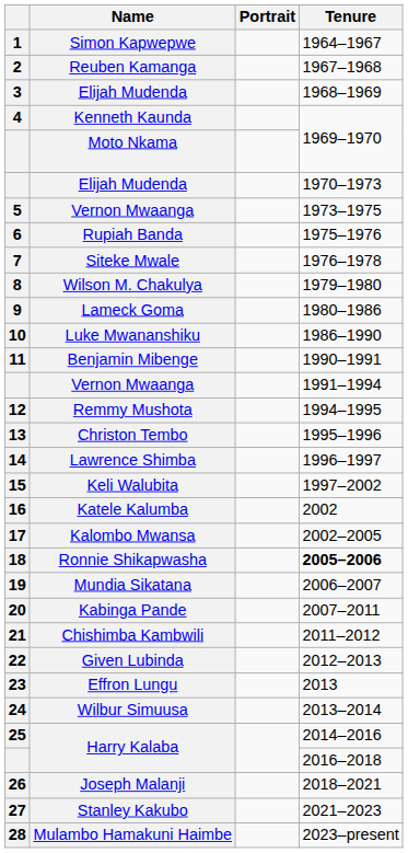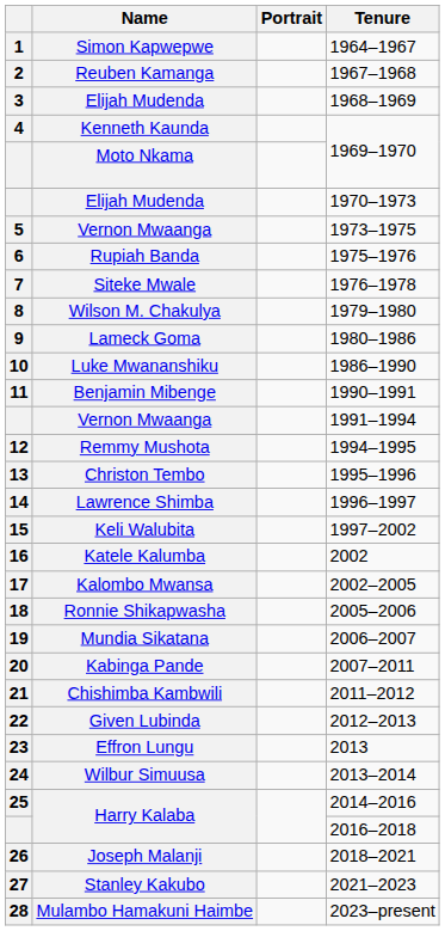 <table class="wikitable">
 <tr>
 <th></th>
 <th>Name<br></th>
 <th>Portrait</th>
 <th>Tenure</th>
 </tr>
 <tr>
 <th>1</th>
 <th align="center" scope="row" style="font-weight:normal;"><a href='#'>Simon Kapwepwe</a><br></th>
 <td></td>
 <td>1964–1967</td>
 </tr>
 <tr>
 <th>2</th>
 <th align="center" scope="row" style="font-weight:normal;"><a href='#'>Reuben Kamanga</a><br></th>
 <td></td>
 <td>1967–1968</td>
 </tr>
 <tr>
 <th>3</th>
 <th align="center" scope="row" style="font-weight:normal;"><a href='#'>Elijah Mudenda</a><br></th>
 <td></td>
 <td>1968–1969</td>
 </tr>
 <tr>
 <th>4</th>
 <th align="center" scope="row" style="font-weight:normal;"><a href='#'>Kenneth Kaunda</a><br></th>
 <td></td>
 <td rowspan="2">1969–1970</td>
 </tr>
 <tr>
 <th></th>
 <th align="center" scope="row" style="font-weight:normal;"><a href='#'>Moto Nkama</a><br><br></th>
 <td></td>
 </tr>
 <tr>
 <th></th>
 <th align="center" scope="row" style="font-weight:normal;"><a href='#'>Elijah Mudenda</a><br></th>
 <td></td>
 <td>1970–1973</td>
 </tr>
 <tr>
 <th>5</th>
 <th align="center" scope="row" style="font-weight:normal;"><a href='#'>Vernon Mwaanga</a><br></th>
 <td></td>
 <td>1973–1975</td>
 </tr>
 <tr>
 <th>6</th>
 <th align="center" scope="row" style="font-weight:normal;"><a href='#'>Rupiah Banda</a><br></th>
 <td></td>
 <td>1975–1976</td>
 </tr>
 <tr>
 <th>7</th>
 <th align="center" scope="row" style="font-weight:normal;"><a href='#'>Siteke Mwale</a><br></th>
 <td></td>
 <td>1976–1978</td>
 </tr>
 <tr>
 <th>8</th>
 <th align="center" scope="row" style="font-weight:normal;"><a href='#'>Wilson M. Chakulya</a></th>
 <td></td>
 <td>1979–1980</td>
 </tr>
 <tr>
 <th>9</th>
 <th align="center" scope="row" style="font-weight:normal;"><a href='#'>Lameck Goma</a><br></th>
 <td></td>
 <td>1980–1986</td>
 </tr>
 <tr>
 <th>10</th>
 <th align="center" scope="row" style="font-weight:normal;"><a href='#'>Luke Mwananshiku</a><br></th>
 <td></td>
 <td>1986–1990</td>
 </tr>
 <tr>
 <th>11</th>
 <th align="center" scope="row" style="font-weight:normal;"><a href='#'>Benjamin Mibenge</a><br></th>
 <td></td>
 <td>1990–1991</td>
 </tr>
 <tr>
 <th></th>
 <th align="center" scope="row" style="font-weight:normal;"><a href='#'>Vernon Mwaanga</a><br></th>
 <td></td>
 <td>1991–1994</td>
 </tr>
 <tr>
 <th>12</th>
 <th align="center" scope="row" style="font-weight:normal;"><a href='#'>Remmy Mushota</a><br></th>
 <td></td>
 <td>1994–1995</td>
 </tr>
 <tr>
 <th>13</th>
 <th align="center" scope="row" style="font-weight:normal;"><a href='#'>Christon Tembo</a><br></th>
 <td></td>
 <td>1995–1996</td>
 </tr>
 <tr>
 <th>14</th>
 <th align="center" scope="row" style="font-weight:normal;"><a href='#'>Lawrence Shimba</a><br></th>
 <td></td>
 <td>1996–1997</td>
 </tr>
 <tr>
 <th>15</th>
 <th align="center" scope="row" style="font-weight:normal;"><a href='#'>Keli Walubita</a><br></th>
 <td></td>
 <td>1997–2002</td>
 </tr>
 <tr>
 <th>16</th>
 <th align="center" scope="row" style="font-weight:normal;"><a href='#'>Katele Kalumba</a><br></th>
 <td></td>
 <td>2002</td>
 </tr>
 <tr>
 <th>17</th>
 <th align="center" scope="row" style="font-weight:normal;"><a href='#'>Kalombo Mwansa</a><br></th>
 <td></td>
 <td>2002–2005</td>
 </tr>
 <tr>
 <th>18</th>
 <th align="center" scope="row" style="font-weight:normal;"><a href='#'>Ronnie Shikapwasha</a><br></th>
 <td></td>
-<td><strong>2005–2006</strong></td>
+<td>2005–2006</td>
 </tr>
 <tr>
 <th>19</th>
 <th align="center" scope="row" style="font-weight:normal;"><a href='#'>Mundia Sikatana</a><br></th>
 <td></td>
 <td>2006–2007</td>
 </tr>
 <tr>
 <th>20</th>
 <th align="center" scope="row" style="font-weight:normal;"><a href='#'>Kabinga Pande</a><br></th>
 <td></td>
 <td>2007–2011</td>
 </tr>
 <tr>
 <th>21</th>
 <th align="center" scope="row" style="font-weight:normal;"><a href='#'>Chishimba Kambwili</a><br></th>
 <td></td>
 <td>2011–2012</td>
 </tr>
 <tr>
 <th>22</th>
 <th align="center" scope="row" style="font-weight:normal;"><a href='#'>Given Lubinda</a><br></th>
 <td></td>
 <td>2012–2013</td>
 </tr>
 <tr>
 <th>23</th>
 <th align="center" scope="row" style="font-weight:normal;"><a href='#'>Effron Lungu</a><br></th>
 <td></td>
 <td>2013</td>
 </tr>
 <tr>
 <th>24</th>
 <th align="center" scope="row" style="font-weight:normal;"><a href='#'>Wilbur Simuusa</a></th>
 <td></td>
 <td>2013–2014</td>
 </tr>
 <tr>
 <th>25</th>
 <th rowspan="2" align="center" scope="row" style="font-weight:normal;"><a href='#'>Harry Kalaba</a><br></th>
 <td rowspan="2"></td>
 <td>2014–2016</td>
 </tr>
 <tr>
 <th></th>
 <td>2016–2018</td>
 </tr>
 <tr>
 <th>26</th>
 <th align="center" scope="row" style="font-weight:normal;"><a href='#'>Joseph Malanji</a><br></th>
 <td></td>
 <td>2018–2021</td>
 </tr>
 <tr>
 <th>27</th>
 <th align="center" scope="row" style="font-weight:normal;"><a href='#'>Stanley Kakubo</a><br></th>
 <td></td>
 <td>2021–2023</td>
 </tr>
 <tr>
 <th>28</th>
 <th align="center" scope="row" style="font-weight:normal;"><a href='#'>Mulambo Hamakuni Haimbe</a><br></th>
 <td></td>
 <td>2023–present</td>
 </tr>
 </table>
